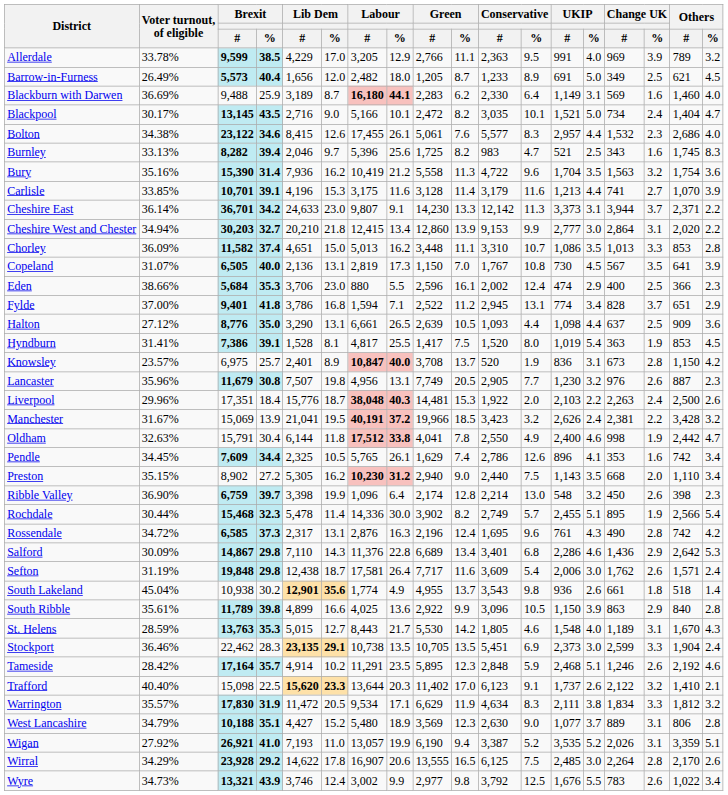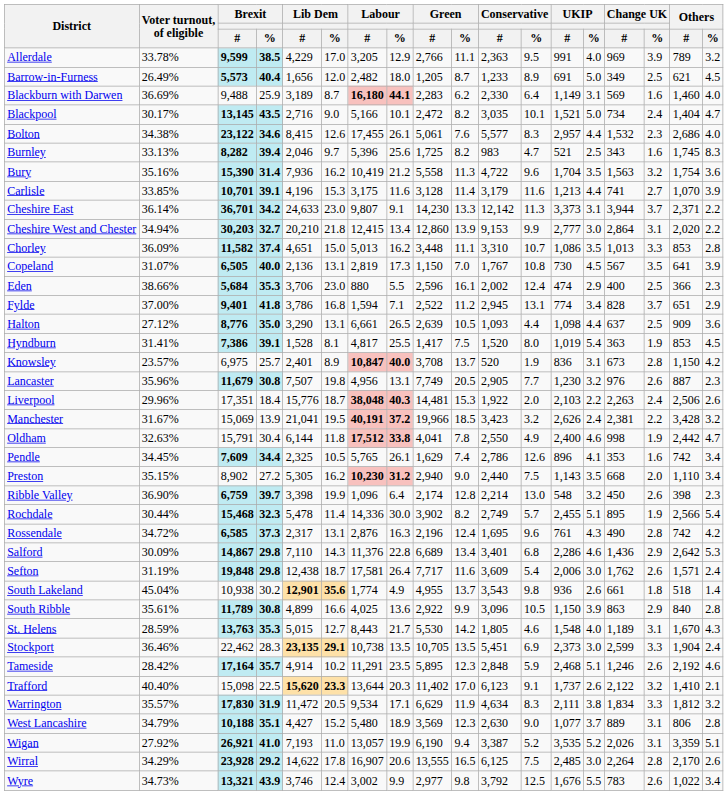 <table class="wikitable sortable">
 <tr>
 <th rowspan=3>District</th>
 <th rowspan=3>Voter turnout,<br>of eligible</th>
 <th colspan="2">Brexit</th>
 <th colspan="2">Lib Dem</th>
 <th colspan="2">Labour</th>
 <th colspan="2">Green</th>
 <th colspan="2">Conservative</th>
 <th colspan="2">UKIP</th>
 <th colspan="2">Change UK</th>
 <th colspan="2" rowspan="2">Others</th>
 </tr>
 <tr>
 <th colspan="2" style="background:"></th>
 <th colspan="2" style="background:"></th>
 <th colspan="2" style="background:"></th>
 <th colspan="2" style="background:"></th>
 <th colspan="2" style="background:"></th>
 <th colspan="2" style="background:"></th>
 <th colspan="2" style="background:"></th>
 </tr>
 <tr>
 <th>#</th>
 <th>%</th>
 <th>#</th>
 <th>%</th>
 <th>#</th>
 <th>%</th>
 <th>#</th>
 <th>%</th>
 <th>#</th>
 <th>%</th>
 <th>#</th>
 <th>%</th>
 <th>#</th>
 <th>%</th>
 <th>#</th>
 <th>%</th>
 </tr>
 <tr>
 <td><a href='#'>Allerdale</a></td>
 <td>33.78%</td>
 <td style="background:#BFEBF2;"><strong>9,599</strong></td>
 <td style="background:#BFEBF2;"><strong>38.5</strong></td>
 <td>4,229</td>
 <td>17.0</td>
 <td>3,205</td>
 <td>12.9</td>
 <td>2,766</td>
 <td>11.1</td>
 <td>2,363</td>
 <td>9.5</td>
 <td>991</td>
 <td>4.0</td>
 <td>969</td>
 <td>3.9</td>
 <td>789</td>
 <td>3.2</td>
 </tr>
 <tr>
 <td><a href='#'>Barrow-in-Furness</a></td>
 <td>26.49%</td>
 <td style="background:#BFEBF2;"><strong>5,573</strong></td>
 <td style="background:#BFEBF2;"><strong>40.4</strong></td>
 <td>1,656</td>
 <td>12.0</td>
 <td>2,482</td>
 <td>18.0</td>
 <td>1,205</td>
 <td>8.7</td>
 <td>1,233</td>
 <td>8.9</td>
 <td>691</td>
 <td>5.0</td>
 <td>349</td>
 <td>2.5</td>
 <td>621</td>
 <td>4.5</td>
 </tr>
 <tr>
 <td><a href='#'>Blackburn with Darwen</a></td>
 <td>36.69%</td>
 <td>9,488</td>
 <td>25.9</td>
 <td>3,189</td>
 <td>8.7</td>
 <td style="background:#F8C1BE"><strong>16,180</strong></td>
 <td style="background:#F8C1BE"><strong>44.1</strong></td>
 <td>2,283</td>
 <td>6.2</td>
 <td>2,330</td>
 <td>6.4</td>
 <td>1,149</td>
 <td>3.1</td>
 <td>569</td>
 <td>1.6</td>
 <td>1,460</td>
 <td>4.0</td>
 </tr>
 <tr>
 <td><a href='#'>Blackpool</a></td>
 <td>30.17%</td>
 <td style="background:#BFEBF2;"><strong>13,145</strong></td>
 <td style="background:#BFEBF2;"><strong>43.5</strong></td>
 <td>2,716</td>
 <td>9.0</td>
 <td>5,166</td>
 <td>10.1</td>
 <td>2,472</td>
 <td>8.2</td>
 <td>3,035</td>
 <td>10.1</td>
 <td>1,521</td>
 <td>5.0</td>
 <td>734</td>
 <td>2.4</td>
 <td>1,404</td>
 <td>4.7</td>
 </tr>
 <tr>
 <td><a href='#'>Bolton</a></td>
 <td>34.38%</td>
 <td style="background:#BFEBF2;"><strong>23,122</strong></td>
 <td style="background:#BFEBF2;"><strong>34.6</strong></td>
 <td>8,415</td>
 <td>12.6</td>
 <td>17,455</td>
 <td>26.1</td>
 <td>5,061</td>
 <td>7.6</td>
 <td>5,577</td>
 <td>8.3</td>
 <td>2,957</td>
 <td>4.4</td>
 <td>1,532</td>
 <td>2.3</td>
 <td>2,686</td>
 <td>4.0</td>
 </tr>
 <tr>
 <td><a href='#'>Burnley</a></td>
 <td>33.13%</td>
 <td style="background:#BFEBF2;"><strong>8,282</strong></td>
 <td style="background:#BFEBF2;"><strong>39.4</strong></td>
 <td>2,046</td>
 <td>9.7</td>
 <td>5,396</td>
 <td>25.6</td>
 <td>1,725</td>
 <td>8.2</td>
 <td>983</td>
 <td>4.7</td>
 <td>521</td>
 <td>2.5</td>
 <td>343</td>
 <td>1.6</td>
 <td>1,745</td>
 <td>8.3</td>
 </tr>
 <tr>
 <td><a href='#'>Bury</a></td>
 <td>35.16%</td>
 <td style="background:#BFEBF2;"><strong>15,390</strong></td>
 <td style="background:#BFEBF2;"><strong>31.4</strong></td>
 <td>7,936</td>
 <td>16.2</td>
 <td>10,419</td>
 <td>21.2</td>
 <td>5,558</td>
 <td>11.3</td>
 <td>4,722</td>
 <td>9.6</td>
 <td>1,704</td>
 <td>3.5</td>
 <td>1,563</td>
 <td>3.2</td>
 <td>1,754</td>
 <td>3.6</td>
 </tr>
 <tr>
 <td><a href='#'>Carlisle</a></td>
 <td>33.85%</td>
 <td style="background:#BFEBF2;"><strong>10,701</strong></td>
 <td style="background:#BFEBF2;"><strong>39.1</strong></td>
 <td>4,196</td>
 <td>15.3</td>
 <td>3,175</td>
 <td>11.6</td>
 <td>3,128</td>
 <td>11.4</td>
 <td>3,179</td>
 <td>11.6</td>
 <td>1,213</td>
 <td>4.4</td>
 <td>741</td>
 <td>2.7</td>
 <td>1,070</td>
 <td>3.9</td>
 </tr>
 <tr>
 <td><a href='#'>Cheshire East</a></td>
 <td>36.14%</td>
 <td style="background:#BFEBF2;"><strong>36,701</strong></td>
 <td style="background:#BFEBF2;"><strong>34.2</strong></td>
 <td>24,633</td>
 <td>23.0</td>
 <td>9,807</td>
 <td>9.1</td>
 <td>14,230</td>
 <td>13.3</td>
 <td>12,142</td>
 <td>11.3</td>
 <td>3,373</td>
 <td>3.1</td>
 <td>3,944</td>
 <td>3.7</td>
 <td>2,371</td>
 <td>2.2</td>
 </tr>
 <tr>
 <td><a href='#'>Cheshire West and Chester</a></td>
 <td>34.94%</td>
 <td style="background:#BFEBF2;"><strong>30,203</strong></td>
 <td style="background:#BFEBF2;"><strong>32.7</strong></td>
 <td>20,210</td>
 <td>21.8</td>
 <td>12,415</td>
 <td>13.4</td>
 <td>12,860</td>
 <td>13.9</td>
 <td>9,153</td>
 <td>9.9</td>
 <td>2,777</td>
 <td>3.0</td>
 <td>2,864</td>
 <td>3.1</td>
 <td>2,020</td>
 <td>2.2</td>
 </tr>
 <tr>
 <td><a href='#'>Chorley</a></td>
 <td>36.09%</td>
 <td style="background:#BFEBF2;"><strong>11,582</strong></td>
 <td style="background:#BFEBF2;"><strong>37.4</strong></td>
 <td>4,651</td>
 <td>15.0</td>
 <td>5,013</td>
 <td>16.2</td>
 <td>3,448</td>
 <td>11.1</td>
 <td>3,310</td>
 <td>10.7</td>
 <td>1,086</td>
 <td>3.5</td>
 <td>1,013</td>
 <td>3.3</td>
 <td>853</td>
 <td>2.8</td>
 </tr>
 <tr>
 <td><a href='#'>Copeland</a></td>
 <td>31.07%</td>
 <td style="background:#BFEBF2;"><strong>6,505</strong></td>
 <td style="background:#BFEBF2;"><strong>40.0</strong></td>
 <td>2,136</td>
 <td>13.1</td>
 <td>2,819</td>
 <td>17.3</td>
 <td>1,150</td>
 <td>7.0</td>
 <td>1,767</td>
 <td>10.8</td>
 <td>730</td>
 <td>4.5</td>
 <td>567</td>
 <td>3.5</td>
 <td>641</td>
 <td>3.9</td>
 </tr>
 <tr>
 <td><a href='#'>Eden</a></td>
 <td>38.66%</td>
 <td style="background:#BFEBF2;"><strong>5,684</strong></td>
 <td style="background:#BFEBF2;"><strong>35.3</strong></td>
 <td>3,706</td>
 <td>23.0</td>
 <td>880</td>
 <td>5.5</td>
 <td>2,596</td>
 <td>16.1</td>
 <td>2,002</td>
 <td>12.4</td>
 <td>474</td>
 <td>2.9</td>
 <td>400</td>
 <td>2.5</td>
 <td>366</td>
 <td>2.3</td>
 </tr>
 <tr>
 <td><a href='#'>Fylde</a></td>
 <td>37.00%</td>
 <td style="background:#BFEBF2;"><strong>9,401</strong></td>
 <td style="background:#BFEBF2;"><strong>41.8</strong></td>
 <td>3,786</td>
 <td>16.8</td>
 <td>1,594</td>
 <td>7.1</td>
 <td>2,522</td>
 <td>11.2</td>
 <td>2,945</td>
 <td>13.1</td>
 <td>774</td>
 <td>3.4</td>
 <td>828</td>
 <td>3.7</td>
 <td>651</td>
 <td>2.9</td>
 </tr>
 <tr>
 <td><a href='#'>Halton</a></td>
 <td>27.12%</td>
 <td style="background:#BFEBF2;"><strong>8,776</strong></td>
 <td style="background:#BFEBF2;"><strong>35.0</strong></td>
 <td>3,290</td>
 <td>13.1</td>
 <td>6,661</td>
 <td>26.5</td>
 <td>2,639</td>
 <td>10.5</td>
 <td>1,093</td>
 <td>4.4</td>
 <td>1,098</td>
 <td>4.4</td>
 <td>637</td>
 <td>2.5</td>
 <td>909</td>
 <td>3.6</td>
 </tr>
 <tr>
 <td><a href='#'>Hyndburn</a></td>
 <td>31.41%</td>
 <td style="background:#BFEBF2;"><strong>7,386</strong></td>
 <td style="background:#BFEBF2;"><strong>39.1</strong></td>
 <td>1,528</td>
 <td>8.1</td>
 <td>4,817</td>
 <td>25.5</td>
 <td>1,417</td>
 <td>7.5</td>
 <td>1,520</td>
 <td>8.0</td>
 <td>1,019</td>
 <td>5.4</td>
 <td>363</td>
 <td>1.9</td>
 <td>853</td>
 <td>4.5</td>
 </tr>
 <tr>
 <td><a href='#'>Knowsley</a></td>
 <td>23.57%</td>
 <td>6,975</td>
 <td>25.7</td>
 <td>2,401</td>
 <td>8.9</td>
 <td style="background:#F8C1BE"><strong>10,847</strong></td>
 <td style="background:#F8C1BE"><strong>40.0</strong></td>
 <td>3,708</td>
 <td>13.7</td>
 <td>520</td>
 <td>1.9</td>
 <td>836</td>
 <td>3.1</td>
 <td>673</td>
 <td>2.8</td>
 <td>1,150</td>
 <td>4.2</td>
 </tr>
 <tr>
 <td><a href='#'>Lancaster</a></td>
 <td>35.96%</td>
 <td style="background:#BFEBF2;"><strong>11,679</strong></td>
 <td style="background:#BFEBF2;"><strong>30.8</strong></td>
 <td>7,507</td>
 <td>19.8</td>
 <td>4,956</td>
 <td>13.1</td>
 <td>7,749</td>
 <td>20.5</td>
 <td>2,905</td>
 <td>7.7</td>
 <td>1,230</td>
 <td>3.2</td>
 <td>976</td>
 <td>2.6</td>
 <td>887</td>
 <td>2.3</td>
 </tr>
 <tr>
 <td><a href='#'>Liverpool</a></td>
 <td>29.96%</td>
 <td>17,351</td>
 <td>18.4</td>
 <td>15,776</td>
 <td>18.7</td>
 <td style="background:#F8C1BE"><strong>38,048</strong></td>
 <td style="background:#F8C1BE"><strong>40.3</strong></td>
 <td>14,481</td>
 <td>15.3</td>
 <td>1,922</td>
 <td>2.0</td>
 <td>2,103</td>
 <td>2.2</td>
 <td>2,263</td>
 <td>2.4</td>
-<td>2,500</td>
+<td>2,506</td>
 <td>2.6</td>
 </tr>
 <tr>
 <td><a href='#'>Manchester</a></td>
 <td>31.67%</td>
 <td>15,069</td>
 <td>13.9</td>
 <td>21,041</td>
 <td>19.5</td>
 <td style="background:#F8C1BE"><strong>40,191</strong></td>
 <td style="background:#F8C1BE"><strong>37.2</strong></td>
 <td>19,966</td>
 <td>18.5</td>
 <td>3,423</td>
 <td>3.2</td>
 <td>2,626</td>
 <td>2.4</td>
 <td>2,381</td>
 <td>2.2</td>
 <td>3,428</td>
 <td>3.2</td>
 </tr>
 <tr>
 <td><a href='#'>Oldham</a></td>
 <td>32.63%</td>
 <td>15,791</td>
 <td>30.4</td>
 <td>6,144</td>
 <td>11.8</td>
 <td style="background:#F8C1BE"><strong>17,512</strong></td>
 <td style="background:#F8C1BE"><strong>33.8</strong></td>
 <td>4,041</td>
 <td>7.8</td>
 <td>2,550</td>
 <td>4.9</td>
 <td>2,400</td>
 <td>4.6</td>
 <td>998</td>
 <td>1.9</td>
 <td>2,442</td>
 <td>4.7</td>
 </tr>
 <tr>
 <td><a href='#'>Pendle</a></td>
 <td>34.45%</td>
 <td style="background:#BFEBF2;"><strong>7,609</strong></td>
 <td style="background:#BFEBF2;"><strong>34.4</strong></td>
 <td>2,325</td>
 <td>10.5</td>
 <td>5,765</td>
 <td>26.1</td>
 <td>1,629</td>
 <td>7.4</td>
 <td>2,786</td>
 <td>12.6</td>
 <td>896</td>
 <td>4.1</td>
 <td>353</td>
 <td>1.6</td>
 <td>742</td>
 <td>3.4</td>
 </tr>
 <tr>
 <td><a href='#'>Preston</a></td>
 <td>35.15%</td>
 <td>8,902</td>
 <td>27.2</td>
 <td>5,305</td>
 <td>16.2</td>
 <td style="background:#F8C1BE"><strong>10,230</strong></td>
 <td style="background:#F8C1BE"><strong>31.2</strong></td>
 <td>2,940</td>
 <td>9.0</td>
 <td>2,440</td>
 <td>7.5</td>
 <td>1,143</td>
 <td>3.5</td>
 <td>668</td>
 <td>2.0</td>
 <td>1,110</td>
 <td>3.4</td>
 </tr>
 <tr>
 <td><a href='#'>Ribble Valley</a></td>
 <td>36.90%</td>
 <td style="background:#BFEBF2;"><strong>6,759</strong></td>
 <td style="background:#BFEBF2;"><strong>39.7</strong></td>
 <td>3,398</td>
 <td>19.9</td>
 <td>1,096</td>
 <td>6.4</td>
 <td>2,174</td>
 <td>12.8</td>
 <td>2,214</td>
 <td>13.0</td>
 <td>548</td>
 <td>3.2</td>
 <td>450</td>
 <td>2.6</td>
 <td>398</td>
 <td>2.3</td>
 </tr>
 <tr>
 <td><a href='#'>Rochdale</a></td>
 <td>30.44%</td>
 <td style="background:#BFEBF2;"><strong>15,468</strong></td>
 <td style="background:#BFEBF2;"><strong>32.3</strong></td>
 <td>5,478</td>
 <td>11.4</td>
 <td>14,336</td>
 <td>30.0</td>
 <td>3,902</td>
 <td>8.2</td>
 <td>2,749</td>
 <td>5.7</td>
 <td>2,455</td>
 <td>5.1</td>
 <td>895</td>
 <td>1.9</td>
 <td>2,566</td>
 <td>5.4</td>
 </tr>
 <tr>
 <td><a href='#'>Rossendale</a></td>
 <td>34.72%</td>
 <td style="background:#BFEBF2;"><strong>6,585</strong></td>
 <td style="background:#BFEBF2;"><strong>37.3</strong></td>
 <td>2,317</td>
 <td>13.1</td>
 <td>2,876</td>
 <td>16.3</td>
 <td>2,196</td>
 <td>12.4</td>
 <td>1,695</td>
 <td>9.6</td>
 <td>761</td>
 <td>4.3</td>
 <td>490</td>
 <td>2.8</td>
 <td>742</td>
 <td>4.2</td>
 </tr>
 <tr>
 <td><a href='#'>Salford</a></td>
 <td>30.09%</td>
 <td style="background:#BFEBF2;"><strong>14,867</strong></td>
 <td style="background:#BFEBF2;"><strong>29.8</strong></td>
 <td>7,110</td>
 <td>14.3</td>
 <td>11,376</td>
 <td>22.8</td>
 <td>6,689</td>
 <td>13.4</td>
 <td>3,401</td>
 <td>6.8</td>
 <td>2,286</td>
 <td>4.6</td>
 <td>1,436</td>
 <td>2.9</td>
 <td>2,642</td>
 <td>5.3</td>
 </tr>
 <tr>
 <td><a href='#'>Sefton</a></td>
 <td>31.19%</td>
 <td style="background:#BFEBF2;"><strong>19,848</strong></td>
 <td style="background:#BFEBF2;"><strong>29.8</strong></td>
 <td>12,438</td>
 <td>18.7</td>
 <td>17,581</td>
 <td>26.4</td>
 <td>7,717</td>
 <td>11.6</td>
 <td>3,609</td>
 <td>5.4</td>
 <td>2,006</td>
 <td>3.0</td>
 <td>1,762</td>
 <td>2.6</td>
 <td>1,571</td>
 <td>2.4</td>
 </tr>
 <tr>
 <td><a href='#'>South Lakeland</a></td>
 <td>45.04%</td>
 <td>10,938</td>
 <td>30.2</td>
 <td style="background:#FEE1A8"><strong>12,901</strong></td>
 <td style="background:#FEE1A8"><strong>35.6</strong></td>
 <td>1,774</td>
 <td>4.9</td>
 <td>4,955</td>
 <td>13.7</td>
 <td>3,543</td>
 <td>9.8</td>
 <td>936</td>
 <td>2.6</td>
 <td>661</td>
 <td>1.8</td>
 <td>518</td>
 <td>1.4</td>
 </tr>
 <tr>
 <td><a href='#'>South Ribble</a></td>
 <td>35.61%</td>
 <td style="background:#BFEBF2;"><strong>11,789</strong></td>
-<td style="background:#BFEBF2;"><strong>39.8</strong></td>
+<td style="background:#BFEBF2;"><strong>30.8</strong></td>
 <td>4,899</td>
 <td>16.6</td>
 <td>4,025</td>
 <td>13.6</td>
 <td>2,922</td>
 <td>9.9</td>
 <td>3,096</td>
 <td>10.5</td>
 <td>1,150</td>
 <td>3.9</td>
 <td>863</td>
 <td>2.9</td>
 <td>840</td>
 <td>2.8</td>
 </tr>
 <tr>
 <td><a href='#'>St. Helens</a></td>
 <td>28.59%</td>
 <td style="background:#BFEBF2;"><strong>13,763</strong></td>
 <td style="background:#BFEBF2;"><strong>35.3</strong></td>
 <td>5,015</td>
 <td>12.7</td>
 <td>8,443</td>
 <td>21.7</td>
 <td>5,530</td>
 <td>14.2</td>
 <td>1,805</td>
 <td>4.6</td>
 <td>1,548</td>
 <td>4.0</td>
 <td>1,189</td>
 <td>3.1</td>
 <td>1,670</td>
 <td>4.3</td>
 </tr>
 <tr>
 <td><a href='#'>Stockport</a></td>
 <td>36.46%</td>
 <td>22,462</td>
 <td>28.3</td>
 <td style="background:#FEE1A8"><strong>23,135</strong></td>
 <td style="background:#FEE1A8"><strong>29.1</strong></td>
 <td>10,738</td>
 <td>13.5</td>
 <td>10,705</td>
 <td>13.5</td>
 <td>5,451</td>
 <td>6.9</td>
 <td>2,373</td>
 <td>3.0</td>
 <td>2,599</td>
 <td>3.3</td>
 <td>1,904</td>
 <td>2.4</td>
 </tr>
 <tr>
 <td><a href='#'>Tameside</a></td>
 <td>28.42%</td>
 <td style="background:#BFEBF2;"><strong>17,164</strong></td>
 <td style="background:#BFEBF2;"><strong>35.7</strong></td>
 <td>4,914</td>
 <td>10.2</td>
 <td>11,291</td>
 <td>23.5</td>
 <td>5,895</td>
 <td>12.3</td>
 <td>2,848</td>
 <td>5.9</td>
 <td>2,468</td>
 <td>5.1</td>
 <td>1,246</td>
 <td>2.6</td>
 <td>2,192</td>
 <td>4.6</td>
 </tr>
 <tr>
 <td><a href='#'>Trafford</a></td>
 <td>40.40%</td>
 <td>15,098</td>
 <td>22.5</td>
 <td style="background:#FEE1A8"><strong>15,620</strong></td>
 <td style="background:#FEE1A8"><strong>23.3</strong></td>
 <td>13,644</td>
 <td>20.3</td>
 <td>11,402</td>
 <td>17.0</td>
 <td>6,123</td>
 <td>9.1</td>
 <td>1,737</td>
 <td>2.6</td>
 <td>2,122</td>
 <td>3.2</td>
 <td>1,410</td>
 <td>2.1</td>
 </tr>
 <tr>
 <td><a href='#'>Warrington</a></td>
 <td>35.57%</td>
 <td style="background:#BFEBF2;"><strong>17,830</strong></td>
 <td style="background:#BFEBF2;"><strong>31.9</strong></td>
 <td>11,472</td>
 <td>20.5</td>
 <td>9,534</td>
 <td>17.1</td>
 <td>6,629</td>
 <td>11.9</td>
 <td>4,634</td>
 <td>8.3</td>
 <td>2,111</td>
 <td>3.8</td>
 <td>1,834</td>
 <td>3.3</td>
 <td>1,812</td>
 <td>3.2</td>
 </tr>
 <tr>
 <td><a href='#'>West Lancashire</a></td>
 <td>34.79%</td>
 <td style="background:#BFEBF2;"><strong>10,188</strong></td>
 <td style="background:#BFEBF2;"><strong>35.1</strong></td>
 <td>4,427</td>
 <td>15.2</td>
 <td>5,480</td>
 <td>18.9</td>
 <td>3,569</td>
 <td>12.3</td>
 <td>2,630</td>
 <td>9.0</td>
 <td>1,077</td>
 <td>3.7</td>
 <td>889</td>
 <td>3.1</td>
 <td>806</td>
 <td>2.8</td>
 </tr>
 <tr>
 <td><a href='#'>Wigan</a></td>
 <td>27.92%</td>
 <td style="background:#BFEBF2;"><strong>26,921</strong></td>
 <td style="background:#BFEBF2;"><strong>41.0</strong></td>
 <td>7,193</td>
 <td>11.0</td>
 <td>13,057</td>
 <td>19.9</td>
 <td>6,190</td>
 <td>9.4</td>
 <td>3,387</td>
 <td>5.2</td>
 <td>3,535</td>
 <td>5.2</td>
 <td>2,026</td>
 <td>3.1</td>
 <td>3,359</td>
 <td>5.1</td>
 </tr>
 <tr>
 <td><a href='#'>Wirral</a></td>
 <td>34.29%</td>
 <td style="background:#BFEBF2;"><strong>23,928</strong></td>
 <td style="background:#BFEBF2;"><strong>29.2</strong></td>
 <td>14,622</td>
 <td>17.8</td>
 <td>16,907</td>
 <td>20.6</td>
 <td>13,555</td>
 <td>16.5</td>
 <td>6,125</td>
 <td>7.5</td>
 <td>2,485</td>
 <td>3.0</td>
 <td>2,264</td>
 <td>2.8</td>
 <td>2,170</td>
 <td>2.6</td>
 </tr>
 <tr>
 <td><a href='#'>Wyre</a></td>
 <td>34.73%</td>
 <td style="background:#BFEBF2;"><strong>13,321</strong></td>
 <td style="background:#BFEBF2;"><strong>43.9</strong></td>
 <td>3,746</td>
 <td>12.4</td>
 <td>3,002</td>
 <td>9.9</td>
 <td>2,977</td>
 <td>9.8</td>
 <td>3,792</td>
 <td>12.5</td>
 <td>1,676</td>
 <td>5.5</td>
 <td>783</td>
 <td>2.6</td>
 <td>1,022</td>
 <td>3.4</td>
 </tr>
 </table>
